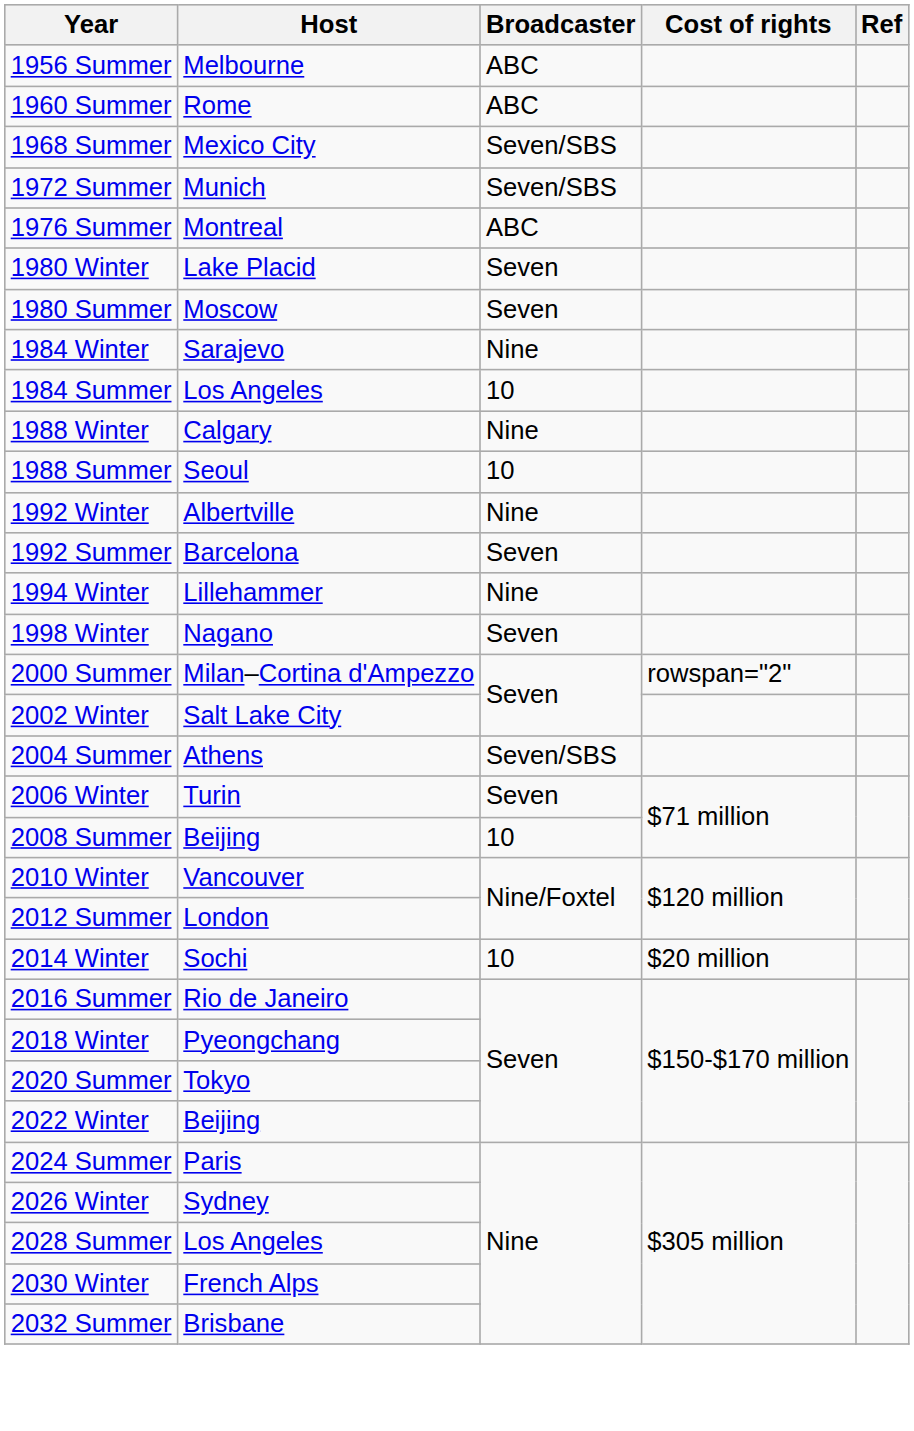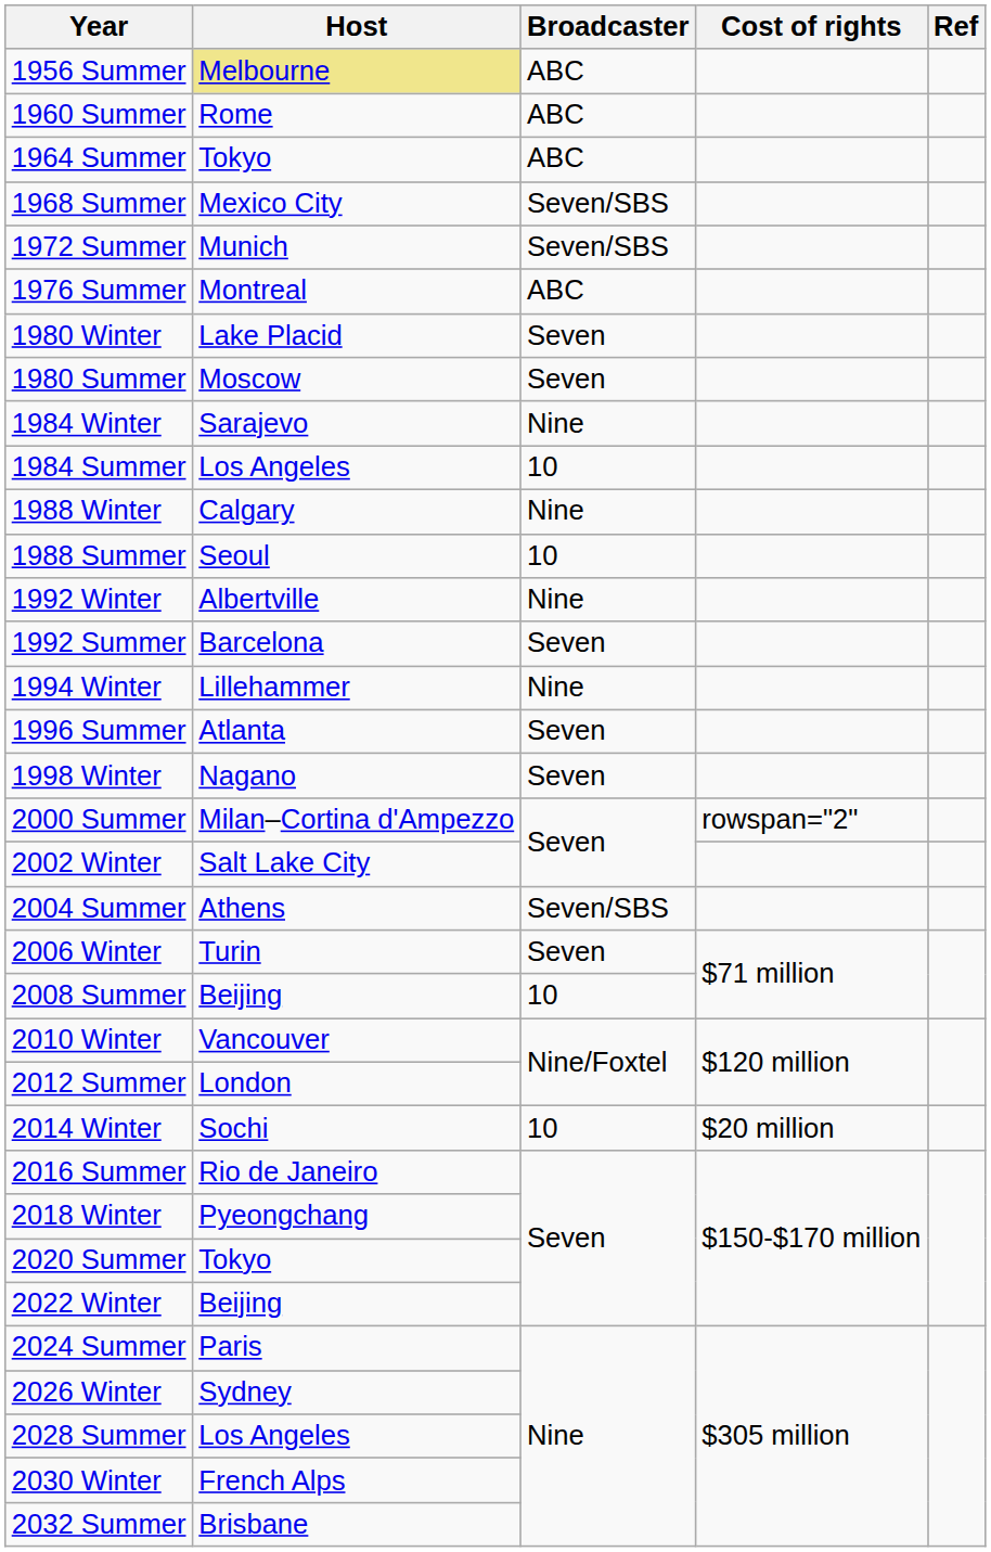 <table class="wikitable">
 <tr>
 <th>Year</th>
 <th>Host</th>
 <th>Broadcaster</th>
 <th>Cost of rights</th>
 <th>Ref</th>
 </tr>
 <tr>
 <td><a href='#'>1956 Summer</a></td>
-<td><a href='#'>Melbourne</a></td>
+<td style="background: khaki;"><a href='#'>Melbourne</a></td>
 <td>ABC</td>
 <td></td>
 <td></td>
 </tr>
 <tr>
 <td><a href='#'>1960 Summer</a></td>
 <td><a href='#'>Rome</a></td>
+<td>ABC</td>
+<td></td>
+<td></td>
+</tr>
+<tr>
+<td><a href='#'>1964 Summer</a></td>
+<td><a href='#'>Tokyo</a></td>
 <td>ABC</td>
 <td></td>
 <td></td>
 </tr>
 <tr>
 <td><a href='#'>1968 Summer</a></td>
 <td><a href='#'>Mexico City</a></td>
 <td>Seven/SBS</td>
 <td></td>
 <td></td>
 </tr>
 <tr>
 <td><a href='#'>1972 Summer</a></td>
 <td><a href='#'>Munich</a></td>
 <td>Seven/SBS</td>
 <td></td>
 <td></td>
 </tr>
 <tr>
 <td><a href='#'>1976 Summer</a></td>
 <td><a href='#'>Montreal</a></td>
 <td>ABC</td>
 <td></td>
 <td></td>
 </tr>
 <tr>
 <td><a href='#'>1980 Winter</a></td>
 <td><a href='#'>Lake Placid</a></td>
 <td>Seven</td>
 <td></td>
 <td></td>
 </tr>
 <tr>
 <td><a href='#'>1980 Summer</a></td>
 <td><a href='#'>Moscow</a></td>
 <td>Seven</td>
 <td></td>
 <td></td>
 </tr>
 <tr>
 <td><a href='#'>1984 Winter</a></td>
 <td><a href='#'>Sarajevo</a></td>
 <td>Nine</td>
 <td></td>
 <td></td>
 </tr>
 <tr>
 <td><a href='#'>1984 Summer</a></td>
 <td><a href='#'>Los Angeles</a></td>
 <td>10</td>
 <td></td>
 <td></td>
 </tr>
 <tr>
 <td><a href='#'>1988 Winter</a></td>
 <td><a href='#'>Calgary</a></td>
 <td>Nine</td>
 <td></td>
 <td></td>
 </tr>
 <tr>
 <td><a href='#'>1988 Summer</a></td>
 <td><a href='#'>Seoul</a></td>
 <td>10</td>
 <td></td>
 <td></td>
 </tr>
 <tr>
 <td><a href='#'>1992 Winter</a></td>
 <td><a href='#'>Albertville</a></td>
 <td>Nine</td>
 <td></td>
 <td></td>
 </tr>
 <tr>
 <td><a href='#'>1992 Summer</a></td>
 <td><a href='#'>Barcelona</a></td>
 <td>Seven</td>
 <td></td>
 <td></td>
 </tr>
 <tr>
 <td><a href='#'>1994 Winter</a></td>
 <td><a href='#'>Lillehammer</a></td>
 <td>Nine</td>
+<td></td>
+<td></td>
+</tr>
+<tr>
+<td><a href='#'>1996 Summer</a></td>
+<td><a href='#'>Atlanta</a></td>
+<td>Seven</td>
 <td></td>
 <td></td>
 </tr>
 <tr>
 <td><a href='#'>1998 Winter</a></td>
 <td><a href='#'>Nagano</a></td>
 <td>Seven</td>
 <td></td>
 <td></td>
 </tr>
 <tr>
 <td><a href='#'>2000 Summer</a></td>
 <td><a href='#'>Milan</a>–<a href='#'>Cortina d'Ampezzo</a></td>
 <td rowspan="2">Seven</td>
 <td>rowspan="2"  </td>
 <td></td>
 </tr>
 <tr>
 <td><a href='#'>2002 Winter</a></td>
 <td><a href='#'>Salt Lake City</a></td>
 <td></td>
 </tr>
 <tr>
 <td><a href='#'>2004 Summer</a></td>
 <td><a href='#'>Athens</a></td>
 <td>Seven/SBS</td>
 <td></td>
 <td></td>
 </tr>
 <tr>
 <td><a href='#'>2006 Winter</a></td>
 <td><a href='#'>Turin</a></td>
 <td>Seven</td>
 <td rowspan="2">$71 million</td>
 <td rowspan="2"></td>
 </tr>
 <tr>
 <td><a href='#'>2008 Summer</a></td>
 <td><a href='#'>Beijing</a></td>
 <td>10</td>
 </tr>
 <tr>
 <td><a href='#'>2010 Winter</a></td>
 <td><a href='#'>Vancouver</a></td>
 <td rowspan="2">Nine/Foxtel</td>
 <td rowspan="2">$120 million</td>
 <td rowspan="2"></td>
 </tr>
 <tr>
 <td><a href='#'>2012 Summer</a></td>
 <td><a href='#'>London</a></td>
 </tr>
 <tr>
 <td><a href='#'>2014 Winter</a></td>
 <td><a href='#'>Sochi</a></td>
 <td>10</td>
 <td>$20 million</td>
 <td></td>
 </tr>
 <tr>
 <td><a href='#'>2016 Summer</a></td>
 <td><a href='#'>Rio de Janeiro</a></td>
 <td rowspan="4">Seven</td>
 <td rowspan="4">$150-$170 million</td>
 <td rowspan="4"></td>
 </tr>
 <tr>
 <td><a href='#'>2018 Winter</a></td>
 <td><a href='#'>Pyeongchang</a></td>
 </tr>
 <tr>
 <td><a href='#'>2020 Summer</a></td>
 <td><a href='#'>Tokyo</a></td>
 </tr>
 <tr>
 <td><a href='#'>2022 Winter</a></td>
 <td><a href='#'>Beijing</a></td>
 </tr>
 <tr>
 <td><a href='#'>2024 Summer</a></td>
 <td><a href='#'>Paris</a></td>
 <td rowspan="5">Nine</td>
 <td rowspan="5">$305 million</td>
 <td rowspan="5"></td>
 </tr>
 <tr>
 <td><a href='#'>2026 Winter</a></td>
 <td><a href='#'>Sydney</a></td>
 </tr>
 <tr>
 <td><a href='#'>2028 Summer</a></td>
 <td><a href='#'>Los Angeles</a></td>
 </tr>
 <tr>
 <td><a href='#'>2030 Winter</a></td>
 <td><a href='#'>French Alps</a></td>
 </tr>
 <tr>
 <td><a href='#'>2032 Summer</a></td>
 <td><a href='#'>Brisbane</a></td>
 </tr>
 </table>
